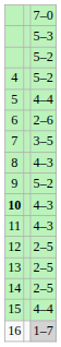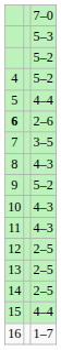 <table class="wikitable" style="text-align:center">
 <tr bgcolor=#BBF3BB>
 <td></td>
 <td align=left></td>
 <td>7–0</td>
 </tr>
 <tr bgcolor=#BBF3BB>
 <td></td>
 <td align=left></td>
 <td>5–3</td>
 </tr>
 <tr bgcolor=#BBF3BB>
 <td></td>
 <td align=left></td>
 <td>5–2</td>
 </tr>
 <tr bgcolor=#BBF3BB>
 <td>4</td>
 <td align=left></td>
 <td>5–2</td>
 </tr>
 <tr bgcolor=#BBF3BB>
 <td>5</td>
 <td align=left></td>
 <td>4–4</td>
 </tr>
 <tr bgcolor=#BBF3BB>
-<td>6</td>
+<td><strong>6</strong></td>
 <td align=left></td>
 <td>2–6</td>
 </tr>
 <tr bgcolor=#BBF3BB>
 <td>7</td>
 <td align=left></td>
 <td>3–5</td>
 </tr>
 <tr bgcolor=#BBF3BB>
 <td>8</td>
 <td align=left></td>
 <td>4–3</td>
 </tr>
 <tr bgcolor=#BBF3BB>
 <td>9</td>
 <td align=left></td>
 <td>5–2</td>
 </tr>
 <tr bgcolor=#BBF3BB>
-<td><strong>10</strong></td>
+<td>10</td>
 <td align=left></td>
 <td>4–3</td>
 </tr>
 <tr bgcolor=#BBF3BB>
 <td>11</td>
 <td align=left></td>
 <td>4–3</td>
 </tr>
 <tr bgcolor=#BBF3BB>
 <td>12</td>
 <td align=left></td>
 <td>2–5</td>
 </tr>
 <tr bgcolor=#BBF3BB>
 <td>13</td>
 <td align=left></td>
 <td>2–5</td>
 </tr>
 <tr bgcolor=#BBF3BB>
 <td>14</td>
 <td align=left></td>
 <td>2–5</td>
 </tr>
 <tr bgcolor=#BBF3BB>
 <td>15</td>
 <td align=left></td>
 <td>4–4</td>
 </tr>
 <tr>
 <td>16</td>
 <td align=left></td>
-<td style="background: lightgrey;">1–7</td>
+<td>1–7</td>
 </tr>
 </table>
